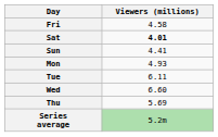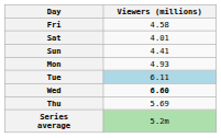 <table class="wikitable" style="font-size:90%; text-align:center; width: 25%; margin-left: left; margin-right: auto;">
 <tr>
 <th style="width:8%">Day</th>
 <th style="width:8%" colspan=2>Viewers (millions)</th>
 </tr>
 <tr>
 <th>Fri</th>
 <td>4.58</td>
 </tr>
 <tr>
 <th>Sat</th>
-<td><strong>4.01</strong></td>
+<td>4.01</td>
 </tr>
 <tr>
 <th>Sun</th>
 <td>4.41</td>
 </tr>
 <tr>
 <th>Mon</th>
 <td>4.93</td>
 </tr>
 <tr>
 <th>Tue</th>
-<td>6.11</td>
+<td style="background: lightblue;">6.11</td>
 </tr>
 <tr>
 <th>Wed</th>
-<td>6.60</td>
+<td><strong>6.60</strong></td>
 </tr>
 <tr>
 <th>Thu</th>
 <td>5.69</td>
 </tr>
 <tr>
 <th>Series<br>average</th>
 <td colspan="2" style="background:#ADDFAD;">5.2m</td>
 </tr>
 </table>
